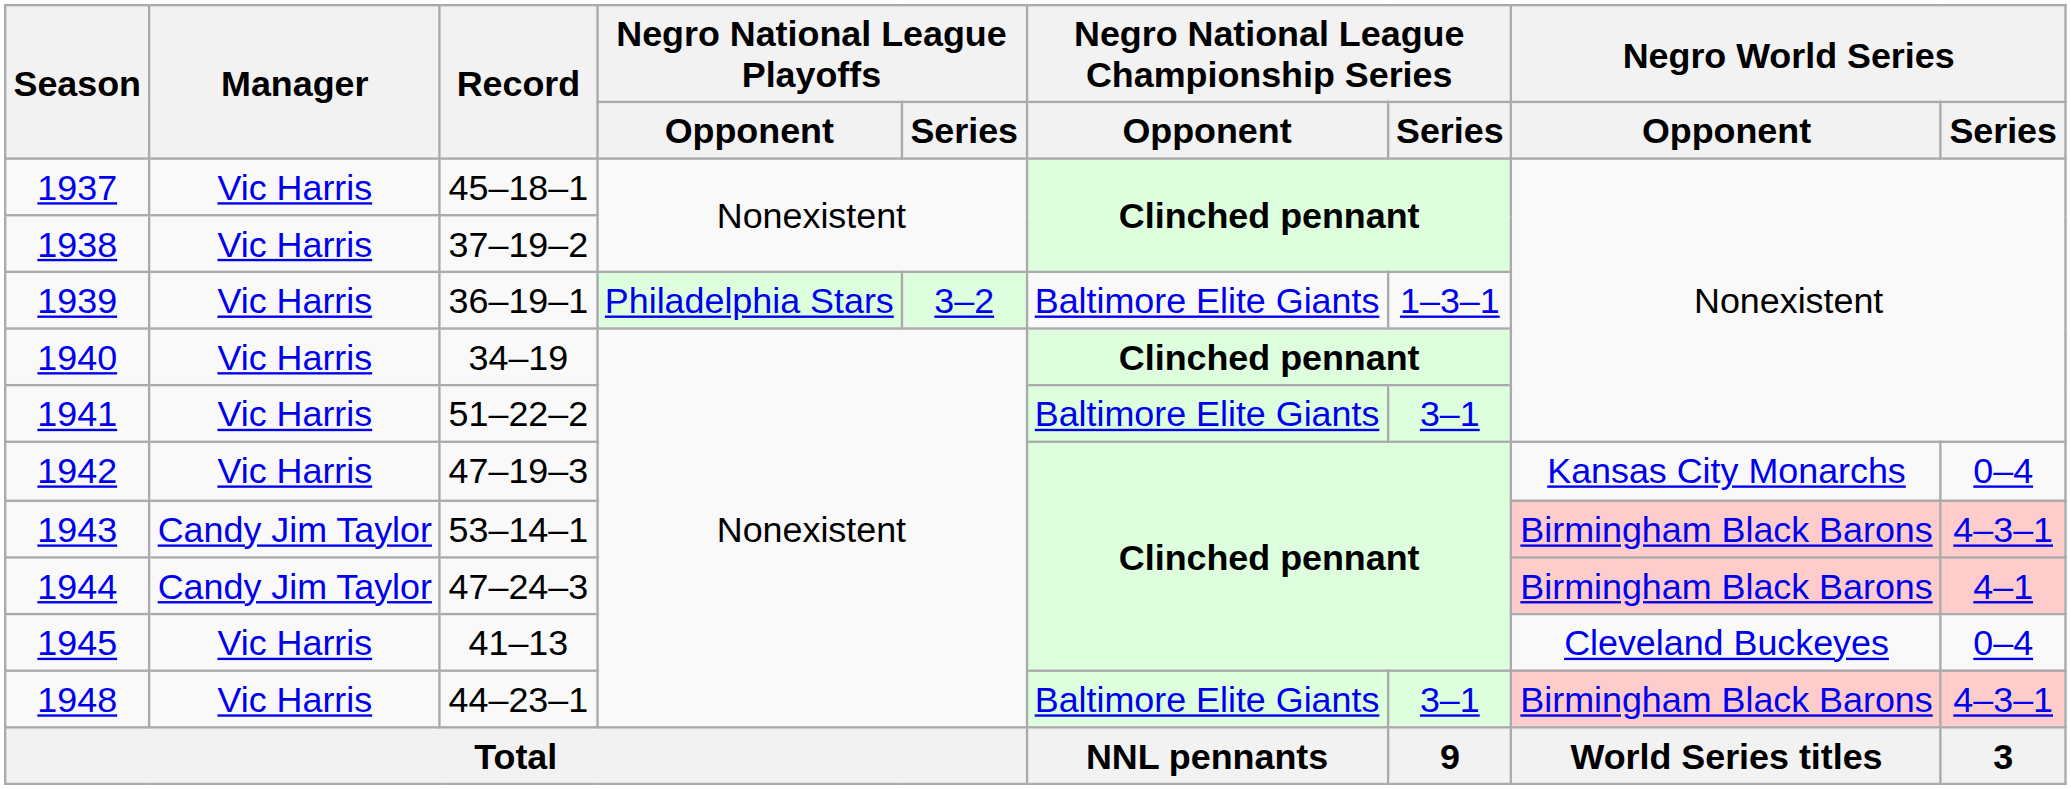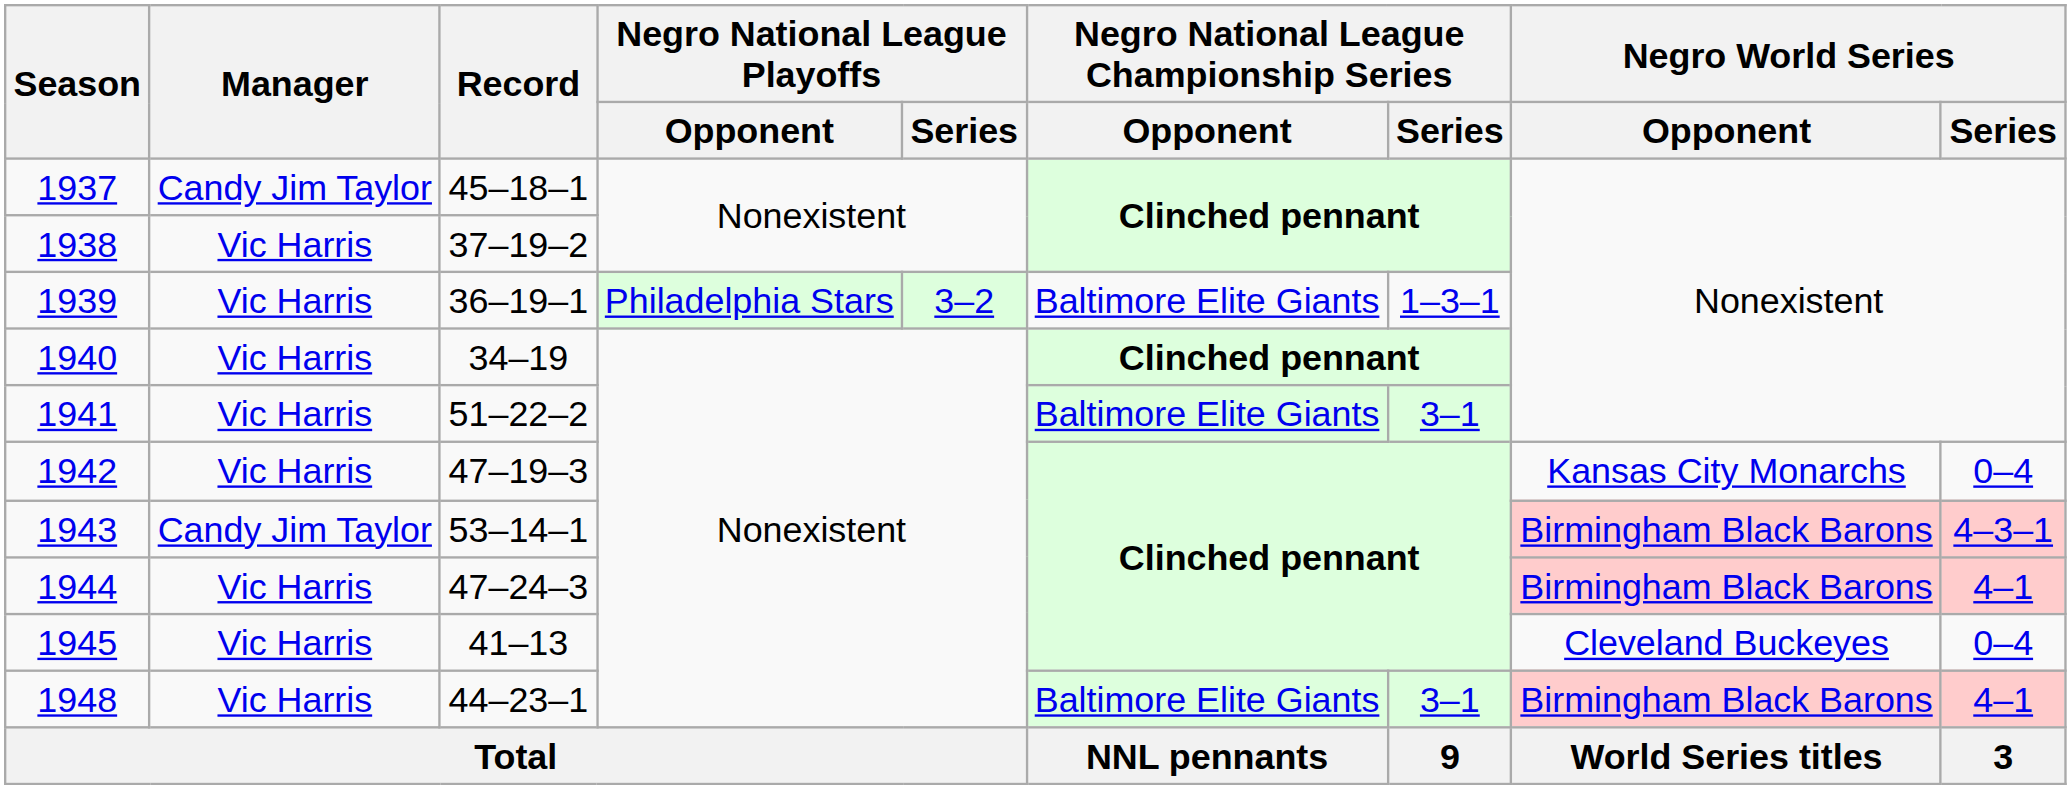 <table class="wikitable" style="font-size:95%; text-align:center">
 <tr>
 <th rowspan="2">Season</th>
 <th rowspan="2">Manager</th>
 <th rowspan="2">Record</th>
 <th colspan="2">Negro National League<br>Playoffs</th>
 <th colspan="2">Negro National League<br>Championship Series</th>
 <th colspan="2">Negro World Series</th>
 </tr>
 <tr>
 <th>Opponent</th>
 <th>Series</th>
 <th>Opponent</th>
 <th>Series</th>
 <th>Opponent</th>
 <th>Series</th>
 </tr>
 <tr>
 <td><a href='#'>1937</a></td>
-<td><a href='#'>Vic Harris</a></td>
+<td><a href='#'>Candy Jim Taylor</a></td>
 <td>45–18–1</td>
 <td colspan="2" rowspan="2">Nonexistent</td>
 <td colspan="2" rowspan="2" style="background:#dfd;"><strong>Clinched pennant</strong></td>
 <td colspan="2" rowspan="5">Nonexistent</td>
 </tr>
 <tr>
 <td><a href='#'>1938</a></td>
 <td><a href='#'>Vic Harris</a></td>
 <td>37–19–2</td>
 </tr>
 <tr>
 <td><a href='#'>1939</a></td>
 <td><a href='#'>Vic Harris</a></td>
 <td>36–19–1</td>
 <td style="background:#dfd;"><a href='#'>Philadelphia Stars</a></td>
 <td style="background:#dfd;"><a href='#'>3–2</a></td>
 <td><a href='#'>Baltimore Elite Giants</a></td>
 <td><a href='#'>1–3–1</a></td>
 </tr>
 <tr>
 <td><a href='#'>1940</a></td>
 <td><a href='#'>Vic Harris</a></td>
 <td>34–19</td>
 <td colspan="2" rowspan="7">Nonexistent</td>
 <td colspan="2" rowspan="1" style="background:#dfd;"><strong>Clinched pennant</strong></td>
 </tr>
 <tr>
 <td><a href='#'>1941</a></td>
 <td><a href='#'>Vic Harris</a></td>
 <td>51–22–2</td>
 <td style="background:#dfd;"><a href='#'>Baltimore Elite Giants</a></td>
 <td style="background:#dfd;"><a href='#'>3–1</a></td>
 </tr>
 <tr>
 <td><a href='#'>1942</a></td>
 <td><a href='#'>Vic Harris</a></td>
 <td>47–19–3</td>
 <td colspan="2" rowspan="4" style="background:#dfd;"><strong>Clinched pennant</strong></td>
 <td><a href='#'>Kansas City Monarchs</a></td>
 <td><a href='#'>0–4</a></td>
 </tr>
 <tr>
 <td><a href='#'>1943</a></td>
 <td><a href='#'>Candy Jim Taylor</a></td>
 <td>53–14–1</td>
 <td style="background:#fcc;"><a href='#'>Birmingham Black Barons</a></td>
 <td style="background:#fcc;"><a href='#'>4–3–1</a></td>
 </tr>
 <tr>
 <td><a href='#'>1944</a></td>
-<td><a href='#'>Candy Jim Taylor</a></td>
+<td><a href='#'>Vic Harris</a></td>
 <td>47–24–3</td>
 <td style="background:#fcc;"><a href='#'>Birmingham Black Barons</a></td>
 <td style="background:#fcc;"><a href='#'>4–1</a></td>
 </tr>
 <tr>
 <td><a href='#'>1945</a></td>
 <td><a href='#'>Vic Harris</a></td>
 <td>41–13</td>
 <td><a href='#'>Cleveland Buckeyes</a></td>
 <td><a href='#'>0–4</a></td>
 </tr>
 <tr>
 <td><a href='#'>1948</a></td>
 <td><a href='#'>Vic Harris</a></td>
 <td>44–23–1</td>
 <td style="background:#dfd;"><a href='#'>Baltimore Elite Giants</a></td>
 <td style="background:#dfd;"><a href='#'>3–1</a></td>
 <td style="background:#fcc;"><a href='#'>Birmingham Black Barons</a></td>
-<td style="background:#fcc;"><a href='#'>4–3–1</a></td>
+<td style="background:#fcc;"><a href='#'>4–1</a></td>
 </tr>
 <tr>
 <th colspan="5">Total</th>
 <th>NNL pennants</th>
 <th>9</th>
 <th>World Series titles</th>
 <th>3</th>
 </tr>
 </table>
